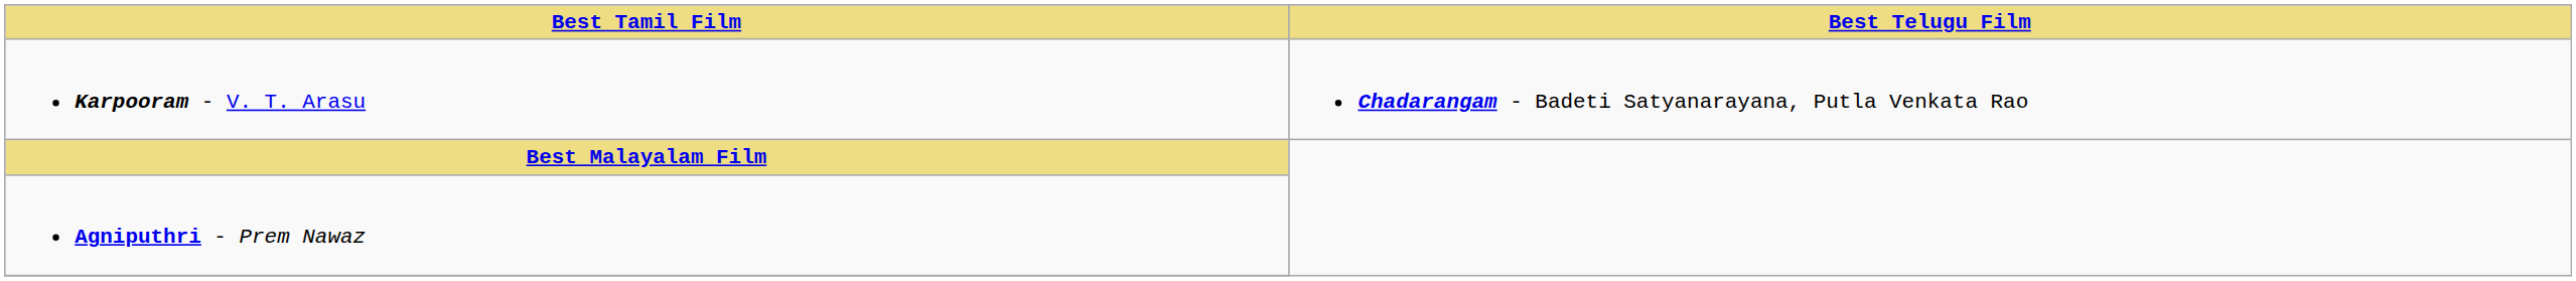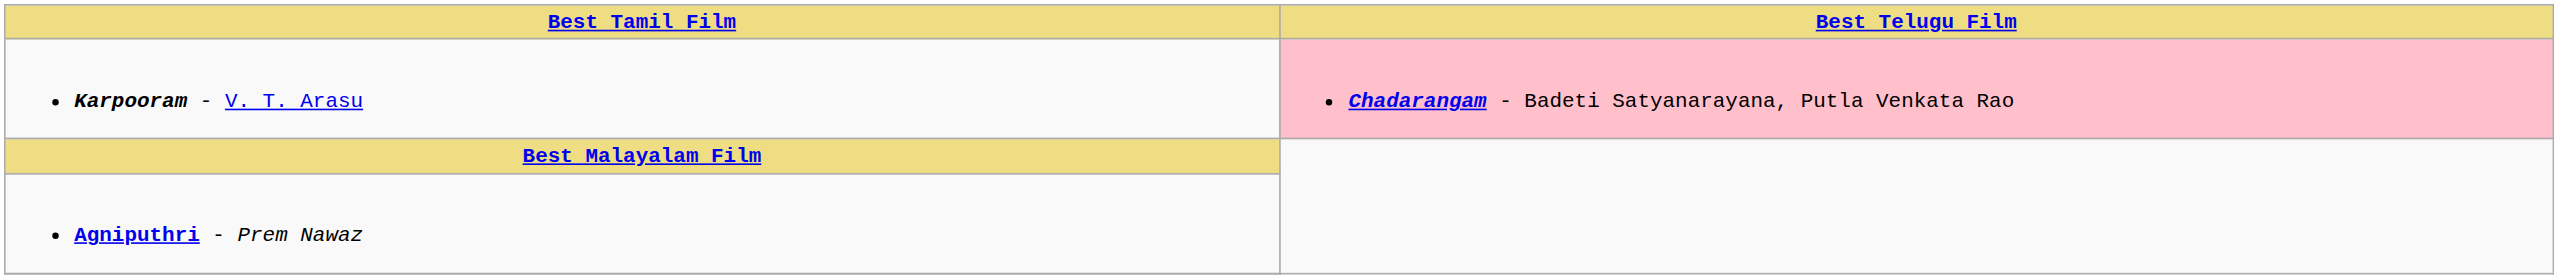 <table class="wikitable" width=100% |>
 <tr>
 <th !  style="background:#eedd82; text-align:center; width:50%;"><a href='#'>Best Tamil Film</a></th>
 <th !  style="background:#eedd82; text-align:center; width:50%;"><a href='#'>Best Telugu Film</a></th>
 </tr>
 <tr>
 <td valign="top"><br><ul><li><strong><em>Karpooram</em></strong> - <a href='#'>V. T. Arasu</a></li></ul></td>
-<td valign="top"><br><ul><li><strong><em><a href='#'>Chadarangam</a></em></strong> - Badeti Satyanarayana, Putla Venkata Rao</li></ul></td>
+<td valign="top" style="background: pink;"><br><ul><li><strong><em><a href='#'>Chadarangam</a></em></strong> - Badeti Satyanarayana, Putla Venkata Rao</li></ul></td>
 </tr>
 <tr>
 <th !  style="background:#eedd82; text-align:center; width:50%;"><a href='#'>Best Malayalam Film</a></th>
 </tr>
 <tr>
 <td valign="top"><br><ul><li><strong><a href='#'>Agniputhri</a></strong> - <em>Prem Nawaz</em></li></ul></td>
 </tr>
 <tr>
 </tr>
 </table>
